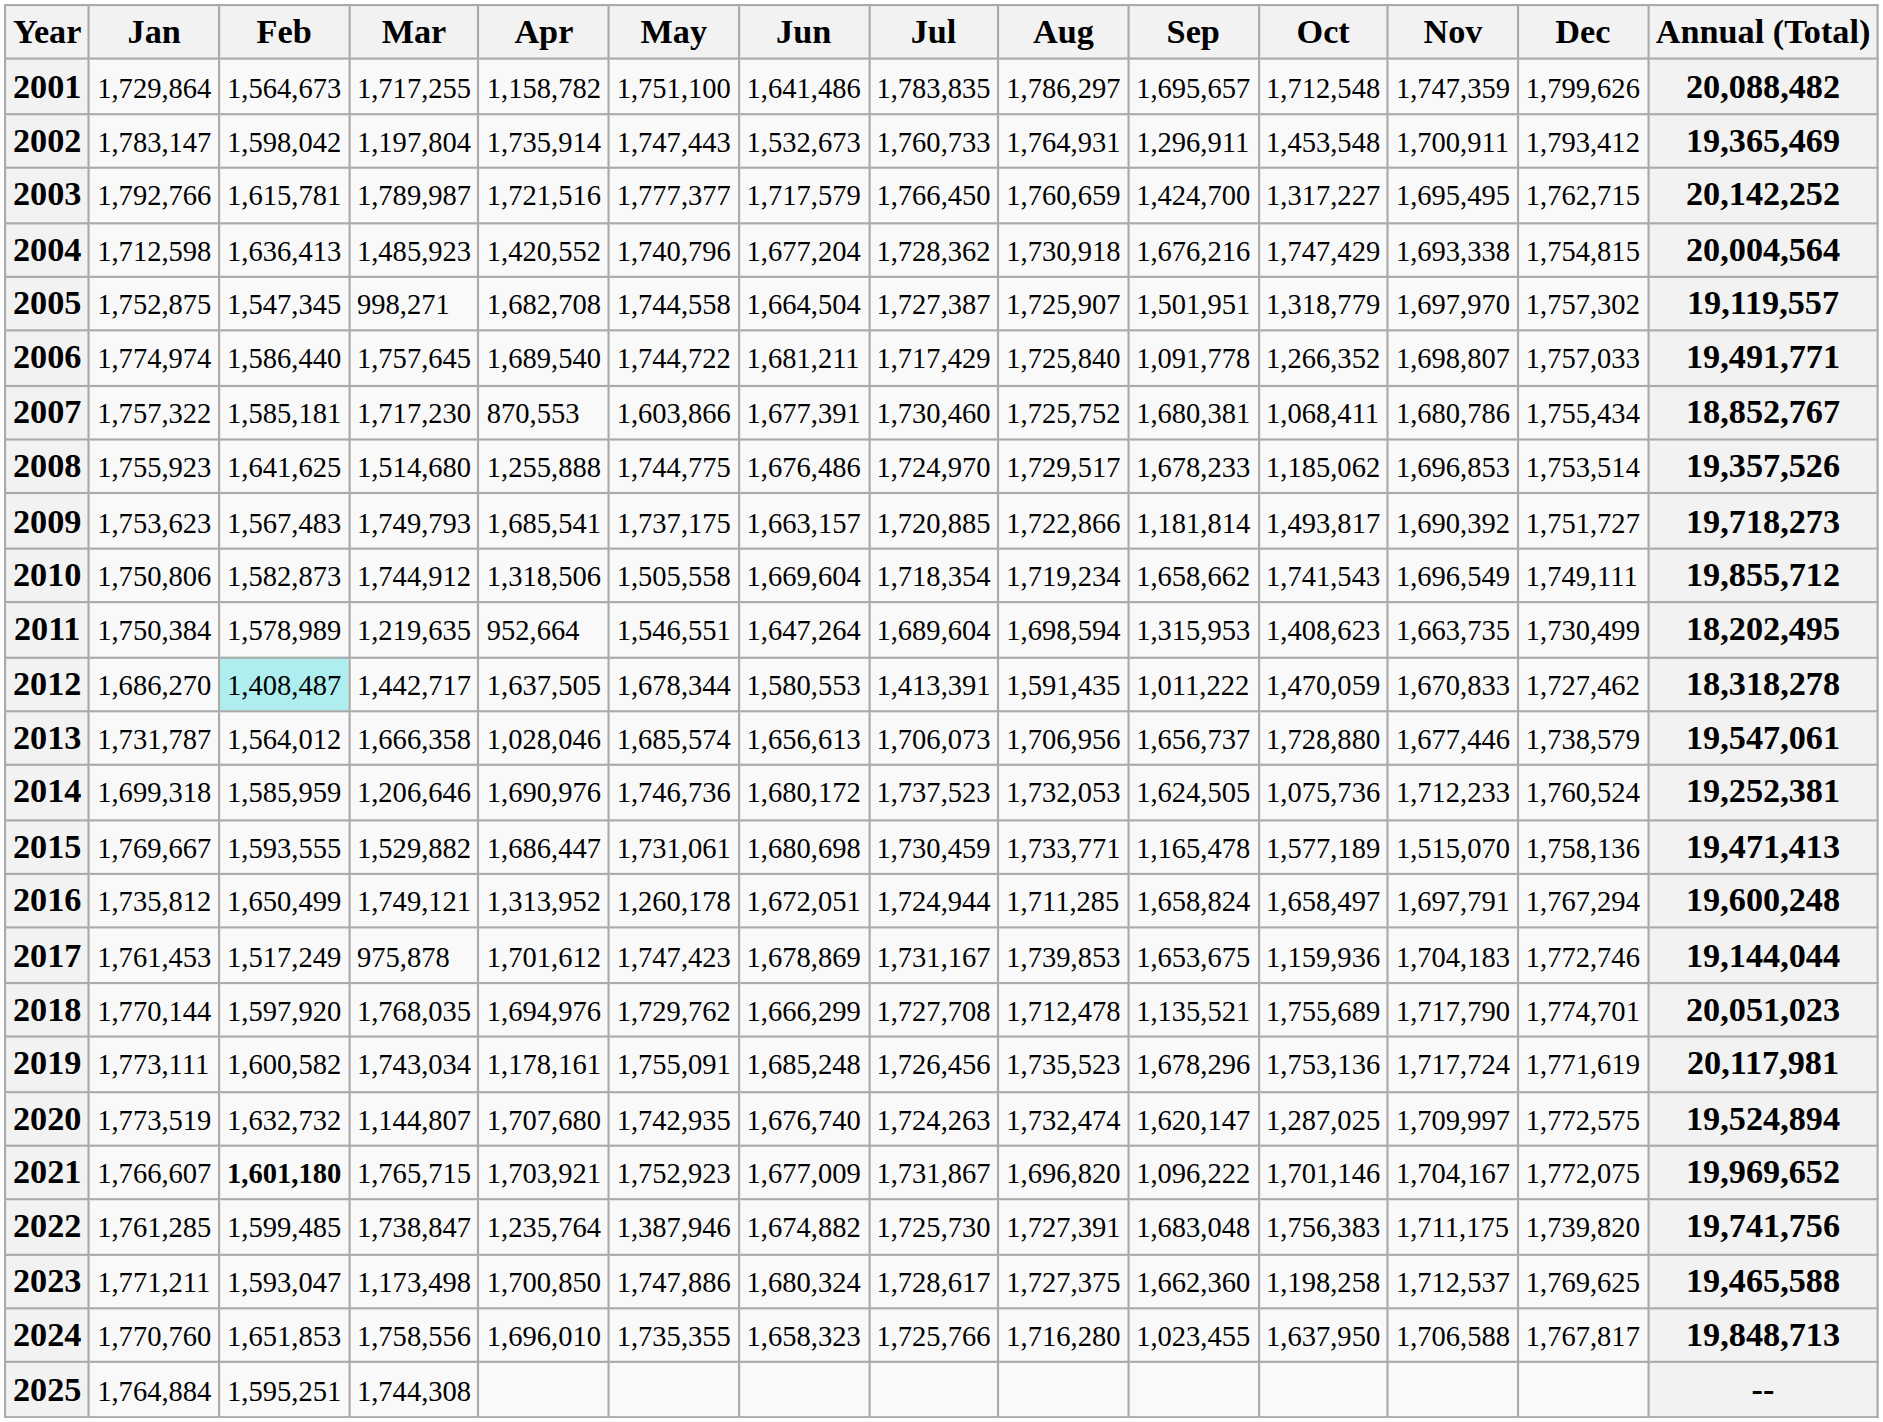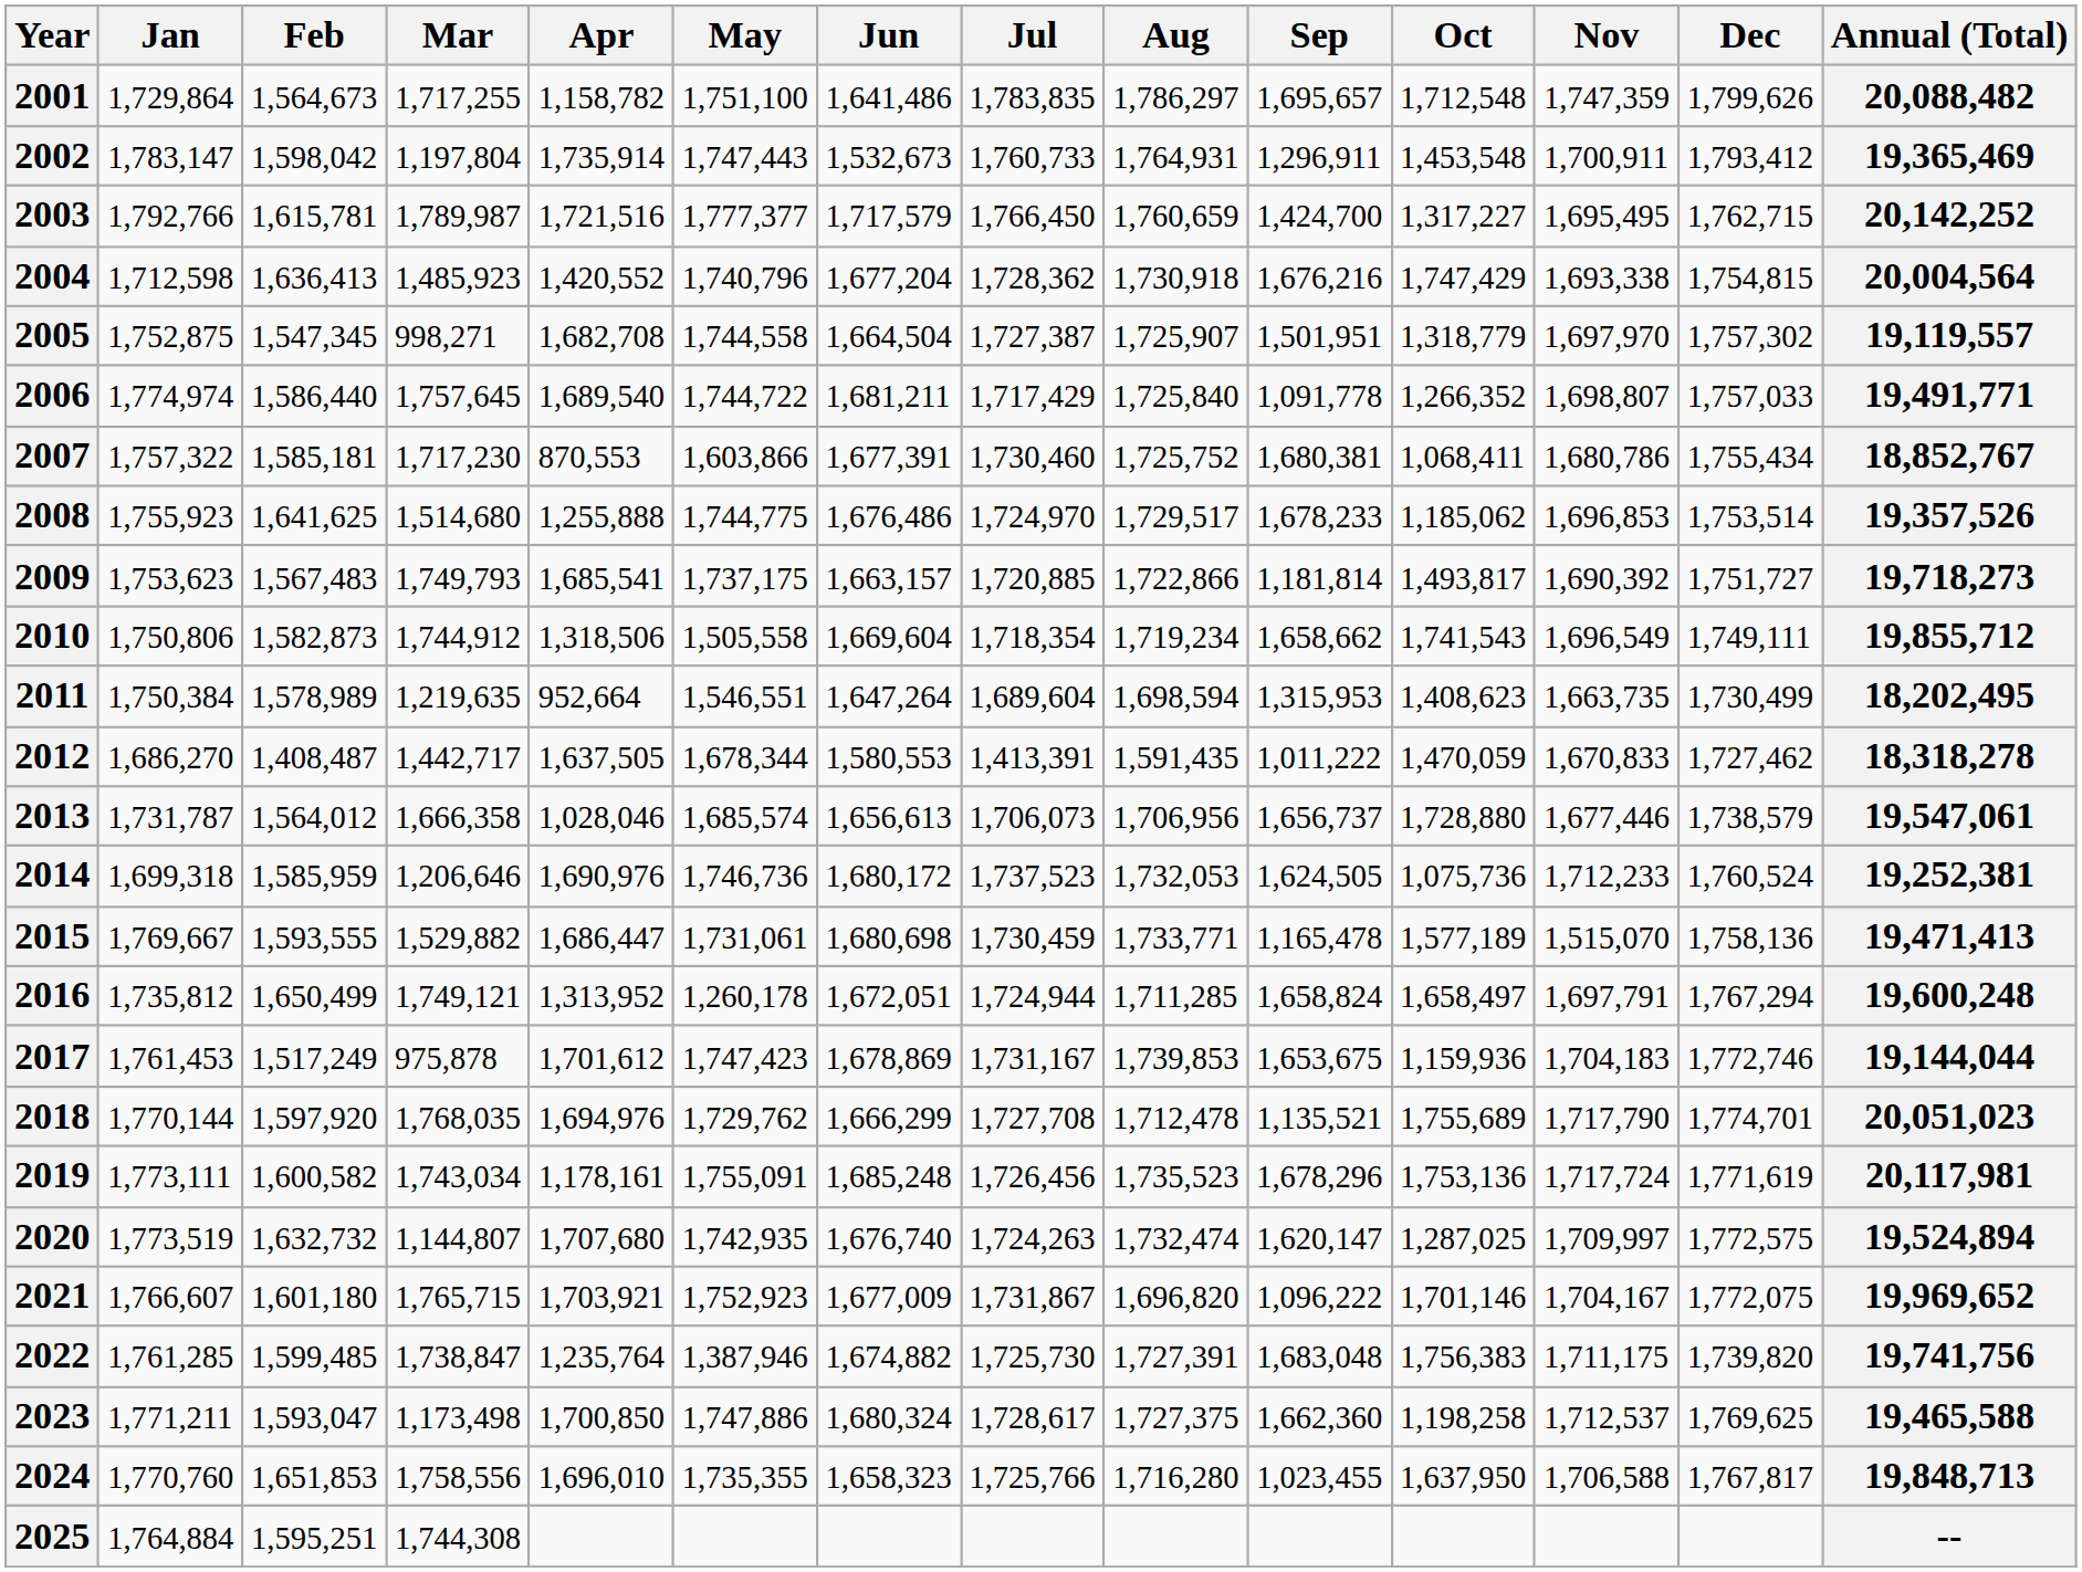 <table class="wikitable">
 <tr>
 <th>Year</th>
 <th>Jan</th>
 <th>Feb</th>
 <th>Mar</th>
 <th>Apr</th>
 <th>May</th>
 <th>Jun</th>
 <th>Jul</th>
 <th>Aug</th>
 <th>Sep</th>
 <th>Oct</th>
 <th>Nov</th>
 <th>Dec</th>
 <th>Annual (Total)</th>
 </tr>
 <tr>
 <th>2001</th>
 <td><small>1,729,864</small></td>
 <td><small>1,564,673</small></td>
 <td><small>1,717,255</small></td>
 <td><small>1,158,782</small></td>
 <td><small>1,751,100</small></td>
 <td><small>1,641,486</small></td>
 <td><small>1,783,835</small></td>
 <td><small>1,786,297</small></td>
 <td><small>1,695,657</small></td>
 <td><small>1,712,548</small></td>
 <td><small>1,747,359</small></td>
 <td><small>1,799,626</small></td>
 <th>20,088,482</th>
 </tr>
 <tr>
 <th>2002</th>
 <td><small>1,783,147</small></td>
 <td><small>1,598,042</small></td>
 <td><small>1,197,804</small></td>
 <td><small>1,735,914</small></td>
 <td><small>1,747,443</small></td>
 <td><small>1,532,673</small></td>
 <td><small>1,760,733</small></td>
 <td><small>1,764,931</small></td>
 <td><small>1,296,911</small></td>
 <td><small>1,453,548</small></td>
 <td><small>1,700,911</small></td>
 <td><small>1,793,412</small></td>
 <th>19,365,469</th>
 </tr>
 <tr>
 <th>2003</th>
 <td><small>1,792,766</small></td>
 <td><small>1,615,781</small></td>
 <td><small>1,789,987</small></td>
 <td><small>1,721,516</small></td>
 <td><small>1,777,377</small></td>
 <td><small>1,717,579</small></td>
 <td><small>1,766,450</small></td>
 <td><small>1,760,659</small></td>
 <td><small>1,424,700</small></td>
 <td><small>1,317,227</small></td>
 <td><small>1,695,495</small></td>
 <td><small>1,762,715</small></td>
 <th>20,142,252</th>
 </tr>
 <tr>
 <th>2004</th>
 <td><small>1,712,598</small></td>
 <td><small>1,636,413</small></td>
 <td><small>1,485,923</small></td>
 <td><small>1,420,552</small></td>
 <td><small>1,740,796</small></td>
 <td><small>1,677,204</small></td>
 <td><small>1,728,362</small></td>
 <td><small>1,730,918</small></td>
 <td><small>1,676,216</small></td>
 <td><small>1,747,429</small></td>
 <td><small>1,693,338</small></td>
 <td><small>1,754,815</small></td>
 <th>20,004,564</th>
 </tr>
 <tr>
 <th>2005</th>
 <td><small>1,752,875</small></td>
 <td><small>1,547,345</small></td>
 <td><small>998,271</small></td>
 <td><small>1,682,708</small></td>
 <td><small>1,744,558</small></td>
 <td><small>1,664,504</small></td>
 <td><small>1,727,387</small></td>
 <td><small>1,725,907</small></td>
 <td><small>1,501,951</small></td>
 <td><small>1,318,779</small></td>
 <td><small>1,697,970</small></td>
 <td><small>1,757,302</small></td>
 <th>19,119,557</th>
 </tr>
 <tr>
 <th>2006</th>
 <td><small>1,774,974</small></td>
 <td><small>1,586,440</small></td>
 <td><small>1,757,645</small></td>
 <td><small>1,689,540</small></td>
 <td><small>1,744,722</small></td>
 <td><small>1,681,211</small></td>
 <td><small>1,717,429</small></td>
 <td><small>1,725,840</small></td>
 <td><small>1,091,778</small></td>
 <td><small>1,266,352</small></td>
 <td><small>1,698,807</small></td>
 <td><small>1,757,033</small></td>
 <th>19,491,771</th>
 </tr>
 <tr>
 <th>2007</th>
 <td><small>1,757,322</small></td>
 <td><small>1,585,181</small></td>
 <td><small>1,717,230</small></td>
 <td><small>870,553</small></td>
 <td><small>1,603,866</small></td>
 <td><small>1,677,391</small></td>
 <td><small>1,730,460</small></td>
 <td><small>1,725,752</small></td>
 <td><small>1,680,381</small></td>
 <td><small>1,068,411</small></td>
 <td><small>1,680,786</small></td>
 <td><small>1,755,434</small></td>
 <th>18,852,767</th>
 </tr>
 <tr>
 <th>2008</th>
 <td><small>1,755,923</small></td>
 <td><small>1,641,625</small></td>
 <td><small>1,514,680</small></td>
 <td><small>1,255,888</small></td>
 <td><small>1,744,775</small></td>
 <td><small>1,676,486</small></td>
 <td><small>1,724,970</small></td>
 <td><small>1,729,517</small></td>
 <td><small>1,678,233</small></td>
 <td><small>1,185,062</small></td>
 <td><small>1,696,853</small></td>
 <td><small>1,753,514</small></td>
 <th>19,357,526</th>
 </tr>
 <tr>
 <th>2009</th>
 <td><small>1,753,623</small></td>
 <td><small>1,567,483</small></td>
 <td><small>1,749,793</small></td>
 <td><small>1,685,541</small></td>
 <td><small>1,737,175</small></td>
 <td><small>1,663,157</small></td>
 <td><small>1,720,885</small></td>
 <td><small>1,722,866</small></td>
 <td><small>1,181,814</small></td>
 <td><small>1,493,817</small></td>
 <td><small>1,690,392</small></td>
 <td><small>1,751,727</small></td>
 <th>19,718,273</th>
 </tr>
 <tr>
 <th>2010</th>
 <td><small>1,750,806</small></td>
 <td><small>1,582,873</small></td>
 <td><small>1,744,912</small></td>
 <td><small>1,318,506</small></td>
 <td><small>1,505,558</small></td>
 <td><small>1,669,604</small></td>
 <td><small>1,718,354</small></td>
 <td><small>1,719,234</small></td>
 <td><small>1,658,662</small></td>
 <td><small>1,741,543</small></td>
 <td><small>1,696,549</small></td>
 <td><small>1,749,111</small></td>
 <th>19,855,712</th>
 </tr>
 <tr>
 <th>2011</th>
 <td><small>1,750,384</small></td>
 <td><small>1,578,989</small></td>
 <td><small>1,219,635</small></td>
 <td><small>952,664</small></td>
 <td><small>1,546,551</small></td>
 <td><small>1,647,264</small></td>
 <td><small>1,689,604</small></td>
 <td><small>1,698,594</small></td>
 <td><small>1,315,953</small></td>
 <td><small>1,408,623</small></td>
 <td><small>1,663,735</small></td>
 <td><small>1,730,499</small></td>
 <th>18,202,495</th>
 </tr>
 <tr>
 <th>2012</th>
 <td><small>1,686,270</small></td>
-<td style="background: paleturquoise;"><small>1,408,487</small></td>
+<td><small>1,408,487</small></td>
 <td><small>1,442,717</small></td>
 <td><small>1,637,505</small></td>
 <td><small>1,678,344</small></td>
 <td><small>1,580,553</small></td>
 <td><small>1,413,391</small></td>
 <td><small>1,591,435</small></td>
 <td><small>1,011,222</small></td>
 <td><small>1,470,059</small></td>
 <td><small>1,670,833</small></td>
 <td><small>1,727,462</small></td>
 <th>18,318,278</th>
 </tr>
 <tr>
 <th>2013</th>
 <td><small>1,731,787</small></td>
 <td><small>1,564,012</small></td>
 <td><small>1,666,358</small></td>
 <td><small>1,028,046</small></td>
 <td><small>1,685,574</small></td>
 <td><small>1,656,613</small></td>
 <td><small>1,706,073</small></td>
 <td><small>1,706,956</small></td>
 <td><small>1,656,737</small></td>
 <td><small>1,728,880</small></td>
 <td><small>1,677,446</small></td>
 <td><small>1,738,579</small></td>
 <th>19,547,061</th>
 </tr>
 <tr>
 <th>2014</th>
 <td><small>1,699,318</small></td>
 <td><small>1,585,959</small></td>
 <td><small>1,206,646</small></td>
 <td><small>1,690,976</small></td>
 <td><small>1,746,736</small></td>
 <td><small>1,680,172</small></td>
 <td><small>1,737,523</small></td>
 <td><small>1,732,053</small></td>
 <td><small>1,624,505</small></td>
 <td><small>1,075,736</small></td>
 <td><small>1,712,233</small></td>
 <td><small>1,760,524</small></td>
 <th>19,252,381</th>
 </tr>
 <tr>
 <th>2015</th>
 <td><small>1,769,667</small></td>
 <td><small>1,593,555</small></td>
 <td><small>1,529,882</small></td>
 <td><small>1,686,447</small></td>
 <td><small>1,731,061</small></td>
 <td><small>1,680,698</small></td>
 <td><small>1,730,459</small></td>
 <td><small>1,733,771</small></td>
 <td><small>1,165,478</small></td>
 <td><small>1,577,189</small></td>
 <td><small>1,515,070</small></td>
 <td><small>1,758,136</small></td>
 <th>19,471,413</th>
 </tr>
 <tr>
 <th>2016</th>
 <td><small>1,735,812</small></td>
 <td><small>1,650,499</small></td>
 <td><small>1,749,121</small></td>
 <td><small>1,313,952</small></td>
 <td><small>1,260,178</small></td>
 <td><small>1,672,051</small></td>
 <td><small>1,724,944</small></td>
 <td><small>1,711,285</small></td>
 <td><small>1,658,824</small></td>
 <td><small>1,658,497</small></td>
 <td><small>1,697,791</small></td>
 <td><small>1,767,294</small></td>
 <th>19,600,248</th>
 </tr>
 <tr>
 <th>2017</th>
 <td><small>1,761,453</small></td>
 <td><small>1,517,249</small></td>
 <td><small>975,878</small></td>
 <td><small>1,701,612</small></td>
 <td><small>1,747,423</small></td>
 <td><small>1,678,869</small></td>
 <td><small>1,731,167</small></td>
 <td><small>1,739,853</small></td>
 <td><small>1,653,675</small></td>
 <td><small>1,159,936</small></td>
 <td><small>1,704,183</small></td>
 <td><small>1,772,746</small></td>
 <th>19,144,044</th>
 </tr>
 <tr>
 <th>2018</th>
 <td><small>1,770,144</small></td>
 <td><small>1,597,920</small></td>
 <td><small>1,768,035</small></td>
 <td><small>1,694,976</small></td>
 <td><small>1,729,762</small></td>
 <td><small>1,666,299</small></td>
 <td><small>1,727,708</small></td>
 <td><small>1,712,478</small></td>
 <td><small>1,135,521</small></td>
 <td><small>1,755,689</small></td>
 <td><small>1,717,790</small></td>
 <td><small>1,774,701</small></td>
 <th>20,051,023</th>
 </tr>
 <tr>
 <th>2019</th>
 <td><small>1,773,111</small></td>
 <td><small>1,600,582</small></td>
 <td><small>1,743,034</small></td>
 <td><small>1,178,161</small></td>
 <td><small>1,755,091</small></td>
 <td><small>1,685,248</small></td>
 <td><small>1,726,456</small></td>
 <td><small>1,735,523</small></td>
 <td><small>1,678,296</small></td>
 <td><small>1,753,136</small></td>
 <td><small>1,717,724</small></td>
 <td><small>1,771,619</small></td>
 <th>20,117,981</th>
 </tr>
 <tr>
 <th>2020</th>
 <td><small>1,773,519</small></td>
 <td><small>1,632,732</small></td>
 <td><small>1,144,807</small></td>
 <td><small>1,707,680</small></td>
 <td><small>1,742,935</small></td>
 <td><small>1,676,740</small></td>
 <td><small>1,724,263</small></td>
 <td><small>1,732,474</small></td>
 <td><small>1,620,147</small></td>
 <td><small>1,287,025</small></td>
 <td><small>1,709,997</small></td>
 <td><small>1,772,575</small></td>
 <th>19,524,894</th>
 </tr>
 <tr>
 <th>2021</th>
 <td><small>1,766,607</small></td>
-<td><strong><small>1,601,180</small></strong></td>
+<td><small>1,601,180</small></td>
 <td><small>1,765,715</small></td>
 <td><small>1,703,921</small></td>
 <td><small>1,752,923</small></td>
 <td><small>1,677,009</small></td>
 <td><small>1,731,867</small></td>
 <td><small>1,696,820</small></td>
 <td><small>1,096,222</small></td>
 <td><small>1,701,146</small></td>
 <td><small>1,704,167</small></td>
 <td><small>1,772,075</small></td>
 <th>19,969,652</th>
 </tr>
 <tr>
 <th>2022</th>
 <td><small>1,761,285</small></td>
 <td><small>1,599,485</small></td>
 <td><small>1,738,847</small></td>
 <td><small>1,235,764</small></td>
 <td><small>1,387,946</small></td>
 <td><small>1,674,882</small></td>
 <td><small>1,725,730</small></td>
 <td><small>1,727,391</small></td>
 <td><small>1,683,048</small></td>
 <td><small>1,756,383</small></td>
 <td><small>1,711,175</small></td>
 <td><small>1,739,820</small></td>
 <th>19,741,756</th>
 </tr>
 <tr>
 <th>2023</th>
 <td><small>1,771,211</small></td>
 <td><small>1,593,047</small></td>
 <td><small>1,173,498</small></td>
 <td><small>1,700,850</small></td>
 <td><small>1,747,886</small></td>
 <td><small>1,680,324</small></td>
 <td><small>1,728,617</small></td>
 <td><small>1,727,375</small></td>
 <td><small>1,662,360</small></td>
 <td><small>1,198,258</small></td>
 <td><small>1,712,537</small></td>
 <td><small>1,769,625</small></td>
 <th>19,465,588</th>
 </tr>
 <tr>
 <th>2024</th>
 <td><small>1,770,760</small></td>
 <td><small>1,651,853</small></td>
 <td><small>1,758,556</small></td>
 <td><small>1,696,010</small></td>
 <td><small>1,735,355</small></td>
 <td><small>1,658,323</small></td>
 <td><small>1,725,766</small></td>
 <td><small>1,716,280</small></td>
 <td><small>1,023,455</small></td>
 <td><small>1,637,950</small></td>
 <td><small>1,706,588</small></td>
 <td><small>1,767,817</small></td>
 <th>19,848,713</th>
 </tr>
 <tr>
 <th>2025</th>
 <td><small>1,764,884</small></td>
 <td><small>1,595,251</small></td>
 <td><small>1,744,308</small></td>
 <td><small></small></td>
 <td><small></small></td>
 <td><small></small></td>
 <td><small></small></td>
 <td><small></small></td>
 <td><small></small></td>
 <td><small></small></td>
 <td><small></small></td>
 <td><small></small></td>
 <th>--</th>
 </tr>
 <tr>
 </tr>
 </table>
